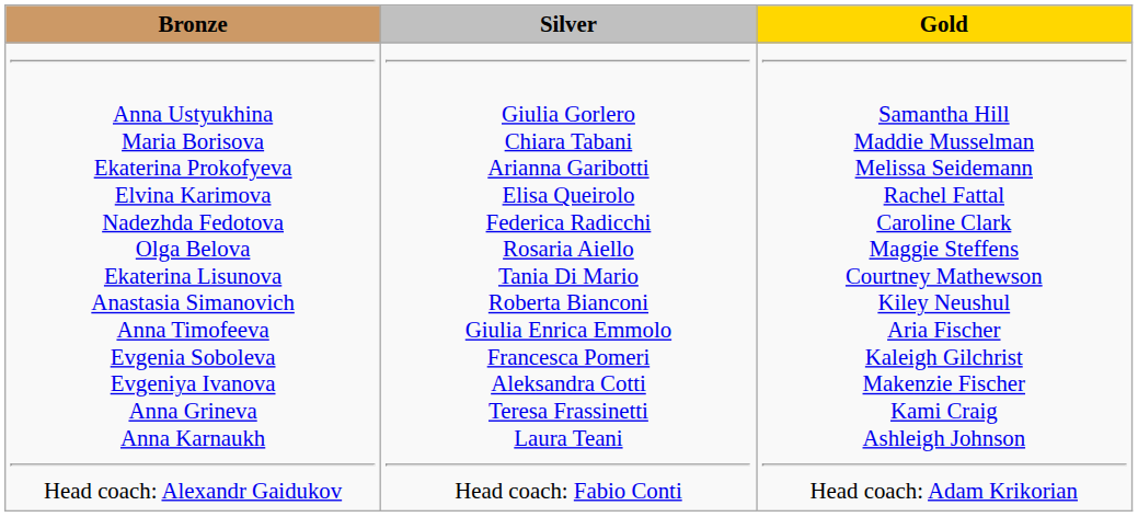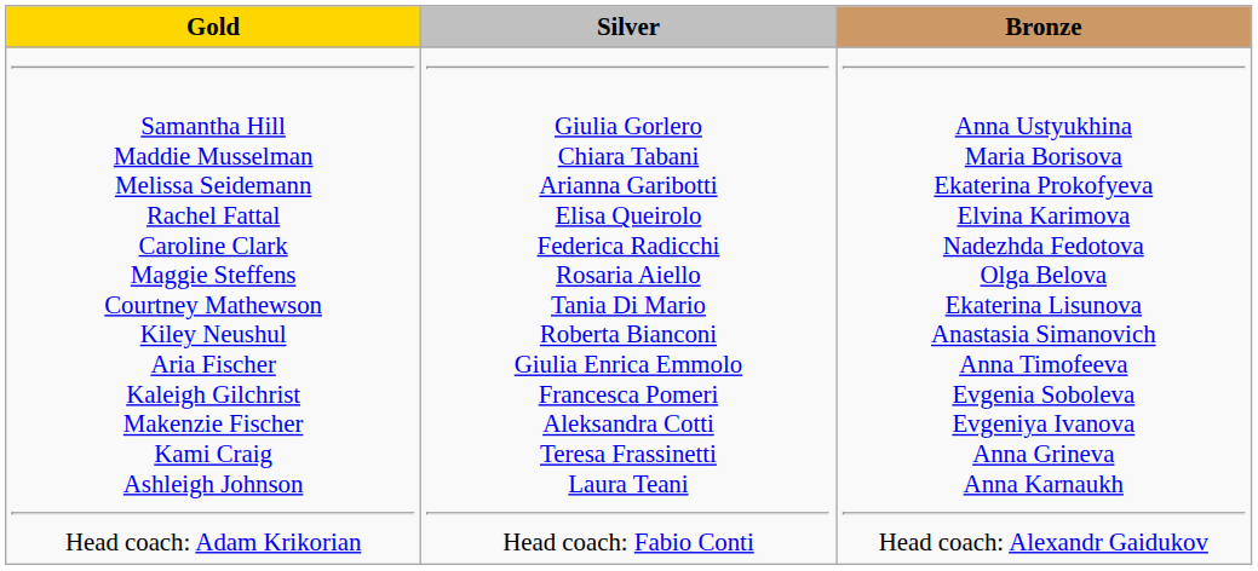 <table class="wikitable" style="text-align:center; font-size: 95%;">
 <tr>
+<th style="width: 16em;background: gold">Gold</th>
+<th style="width: 16em;background: silver">Silver</th>
 <th style="width: 16em;background: #CC9966">Bronze</th>
-<th style="width: 16em;background: silver">Silver</th>
-<th style="width: 16em;background: gold">Gold</th>
 </tr>
 <tr>
+<td><hr><br><a href='#'>Samantha Hill</a><br><a href='#'>Maddie Musselman</a><br><a href='#'>Melissa Seidemann</a><br><a href='#'>Rachel Fattal</a><br><a href='#'>Caroline Clark</a><br><a href='#'>Maggie Steffens</a><br><a href='#'>Courtney Mathewson</a><br><a href='#'>Kiley Neushul</a><br><a href='#'>Aria Fischer</a><br><a href='#'>Kaleigh Gilchrist</a><br><a href='#'>Makenzie Fischer</a><br><a href='#'>Kami Craig</a><br><a href='#'>Ashleigh Johnson</a><br><hr>Head coach: <a href='#'>Adam Krikorian</a></td>
+<td><hr><br><a href='#'>Giulia Gorlero</a><br><a href='#'>Chiara Tabani</a><br><a href='#'>Arianna Garibotti</a><br><a href='#'>Elisa Queirolo</a><br><a href='#'>Federica Radicchi</a><br><a href='#'>Rosaria Aiello</a><br><a href='#'>Tania Di Mario</a><br><a href='#'>Roberta Bianconi</a><br><a href='#'>Giulia Enrica Emmolo</a><br><a href='#'>Francesca Pomeri</a><br><a href='#'>Aleksandra Cotti</a><br><a href='#'>Teresa Frassinetti</a><br><a href='#'>Laura Teani</a><br><hr>Head coach: <a href='#'>Fabio Conti</a></td>
 <td><hr><br><a href='#'>Anna Ustyukhina</a><br><a href='#'>Maria Borisova</a><br><a href='#'>Ekaterina Prokofyeva</a><br><a href='#'>Elvina Karimova</a><br><a href='#'>Nadezhda Fedotova</a><br><a href='#'>Olga Belova</a><br><a href='#'>Ekaterina Lisunova</a><br><a href='#'>Anastasia Simanovich</a><br><a href='#'>Anna Timofeeva</a><br><a href='#'>Evgenia Soboleva</a><br><a href='#'>Evgeniya Ivanova</a><br><a href='#'>Anna Grineva</a><br><a href='#'>Anna Karnaukh</a><br><hr>Head coach: <a href='#'>Alexandr Gaidukov</a></td>
-<td><hr><br><a href='#'>Giulia Gorlero</a><br><a href='#'>Chiara Tabani</a><br><a href='#'>Arianna Garibotti</a><br><a href='#'>Elisa Queirolo</a><br><a href='#'>Federica Radicchi</a><br><a href='#'>Rosaria Aiello</a><br><a href='#'>Tania Di Mario</a><br><a href='#'>Roberta Bianconi</a><br><a href='#'>Giulia Enrica Emmolo</a><br><a href='#'>Francesca Pomeri</a><br><a href='#'>Aleksandra Cotti</a><br><a href='#'>Teresa Frassinetti</a><br><a href='#'>Laura Teani</a><br><hr>Head coach: <a href='#'>Fabio Conti</a></td>
-<td><hr><br><a href='#'>Samantha Hill</a><br><a href='#'>Maddie Musselman</a><br><a href='#'>Melissa Seidemann</a><br><a href='#'>Rachel Fattal</a><br><a href='#'>Caroline Clark</a><br><a href='#'>Maggie Steffens</a><br><a href='#'>Courtney Mathewson</a><br><a href='#'>Kiley Neushul</a><br><a href='#'>Aria Fischer</a><br><a href='#'>Kaleigh Gilchrist</a><br><a href='#'>Makenzie Fischer</a><br><a href='#'>Kami Craig</a><br><a href='#'>Ashleigh Johnson</a><br><hr>Head coach: <a href='#'>Adam Krikorian</a></td>
 </tr>
 </table>
